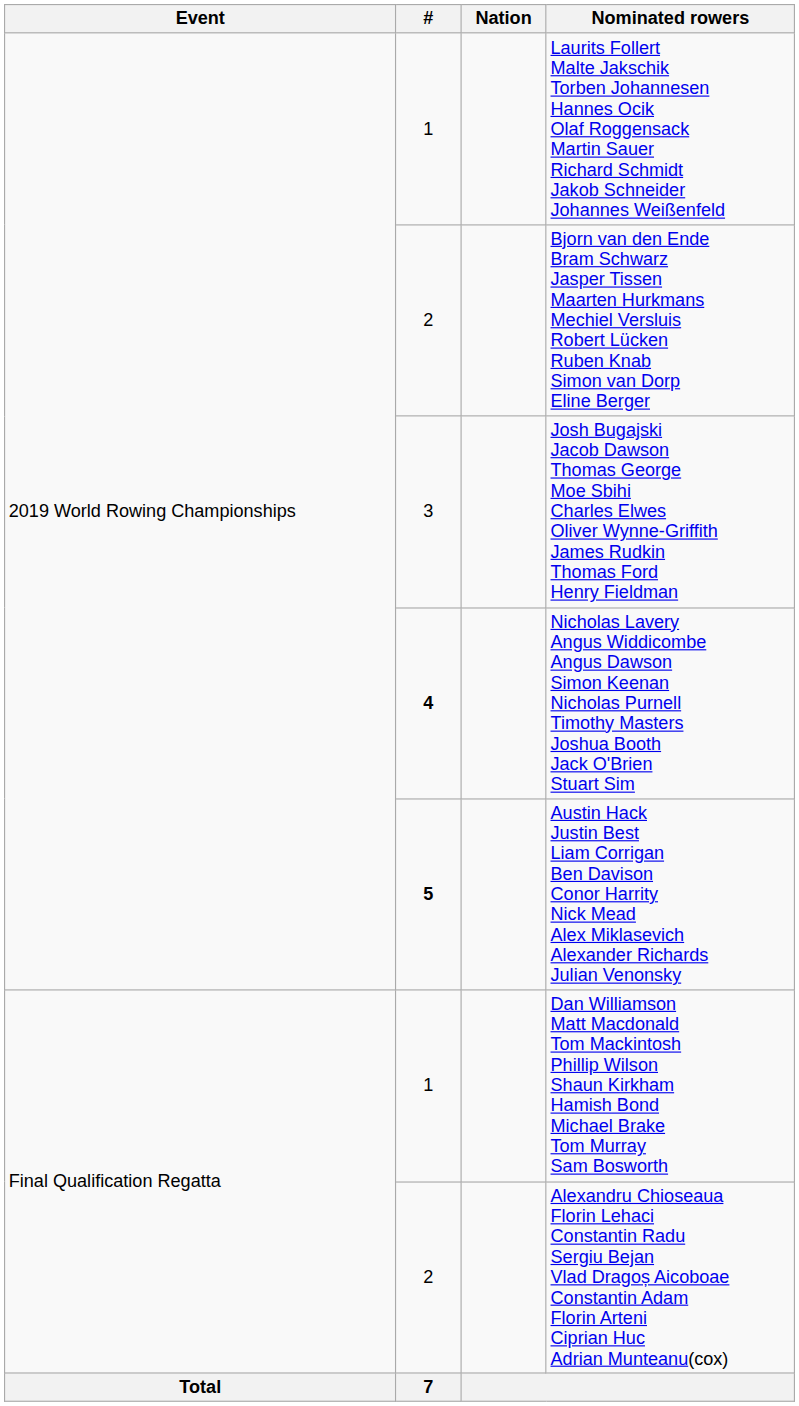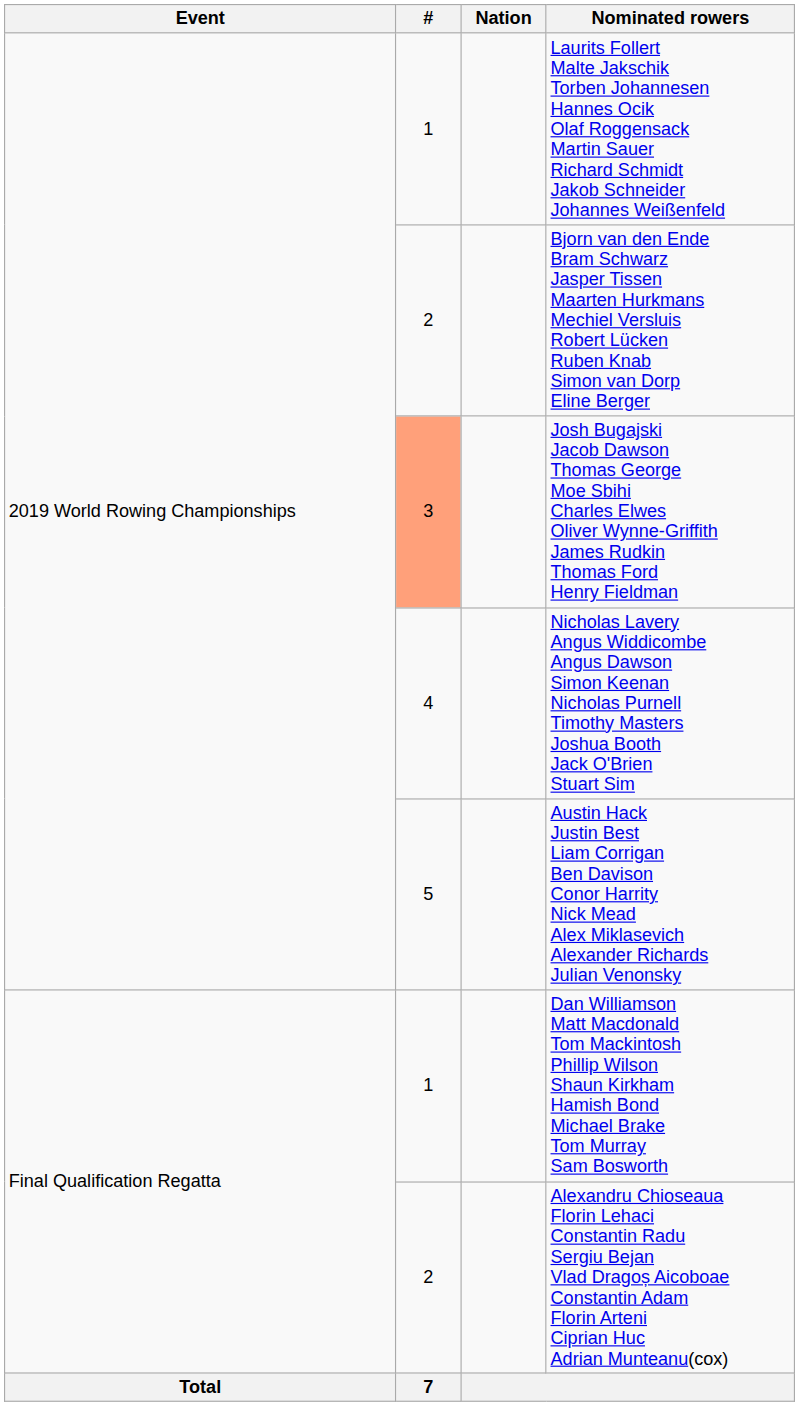 <table class="wikitable"  style="width:700px; text-align:center;">
 <tr>
 <th>Event</th>
 <th width=50>#</th>
 <th>Nation</th>
 <th>Nominated rowers</th>
 </tr>
 <tr>
 <td rowspan=5 align=left>2019 World Rowing Championships</td>
 <td>1</td>
 <td align=left></td>
 <td align=left><a href='#'>Laurits Follert</a><br><a href='#'>Malte Jakschik</a><br><a href='#'>Torben Johannesen</a><br><a href='#'>Hannes Ocik</a><br><a href='#'>Olaf Roggensack</a><br><a href='#'>Martin Sauer</a><br><a href='#'>Richard Schmidt</a><br><a href='#'>Jakob Schneider</a><br><a href='#'>Johannes Weißenfeld</a></td>
 </tr>
 <tr>
 <td>2</td>
 <td align=left></td>
 <td align=left><a href='#'>Bjorn van den Ende</a><br><a href='#'>Bram Schwarz</a><br><a href='#'>Jasper Tissen</a><br><a href='#'>Maarten Hurkmans</a><br><a href='#'>Mechiel Versluis</a><br><a href='#'>Robert Lücken</a><br><a href='#'>Ruben Knab</a><br><a href='#'>Simon van Dorp</a><br><a href='#'>Eline Berger</a></td>
 </tr>
 <tr>
-<td>3</td>
+<td style="background: lightsalmon;">3</td>
 <td align=left></td>
 <td align=left><a href='#'>Josh Bugajski</a><br><a href='#'>Jacob Dawson</a><br><a href='#'>Thomas George</a><br><a href='#'>Moe Sbihi</a><br><a href='#'>Charles Elwes</a><br><a href='#'>Oliver Wynne-Griffith</a><br><a href='#'>James Rudkin</a><br><a href='#'>Thomas Ford</a><br><a href='#'>Henry Fieldman</a></td>
 </tr>
 <tr>
-<td><strong>4</strong></td>
+<td>4</td>
 <td align=left></td>
 <td align=left><a href='#'>Nicholas Lavery</a><br><a href='#'>Angus Widdicombe</a><br><a href='#'>Angus Dawson</a><br><a href='#'>Simon Keenan</a><br><a href='#'>Nicholas Purnell</a><br><a href='#'>Timothy Masters</a><br><a href='#'>Joshua Booth</a><br><a href='#'>Jack O'Brien</a><br><a href='#'>Stuart Sim</a></td>
 </tr>
 <tr>
-<td><strong>5</strong></td>
+<td>5</td>
 <td align=left></td>
 <td align=left><a href='#'>Austin Hack</a><br><a href='#'>Justin Best</a><br><a href='#'>Liam Corrigan</a><br><a href='#'>Ben Davison</a><br><a href='#'>Conor Harrity</a><br><a href='#'>Nick Mead</a><br><a href='#'>Alex Miklasevich</a><br><a href='#'>Alexander Richards</a><br><a href='#'>Julian Venonsky</a></td>
 </tr>
 <tr>
 <td rowspan=2 align=left>Final Qualification Regatta</td>
 <td>1</td>
 <td align=left></td>
 <td align=left><a href='#'>Dan Williamson</a><br><a href='#'>Matt Macdonald</a><br><a href='#'>Tom Mackintosh</a><br><a href='#'>Phillip Wilson</a><br><a href='#'>Shaun Kirkham</a><br><a href='#'>Hamish Bond</a><br><a href='#'>Michael Brake</a><br><a href='#'>Tom Murray</a><br><a href='#'>Sam Bosworth</a></td>
 </tr>
 <tr>
 <td>2</td>
 <td align=left></td>
 <td align=left><a href='#'>Alexandru Chioseaua</a><br><a href='#'>Florin Lehaci</a><br><a href='#'>Constantin Radu</a><br><a href='#'>Sergiu Bejan</a><br><a href='#'>Vlad Dragoș Aicoboae</a><br><a href='#'>Constantin Adam</a><br><a href='#'>Florin Arteni</a><br><a href='#'>Ciprian Huc</a><br><a href='#'>Adrian Munteanu</a>(cox)</td>
 </tr>
 <tr>
 <th>Total</th>
 <th>7</th>
 <th colspan=2></th>
 </tr>
 </table>
